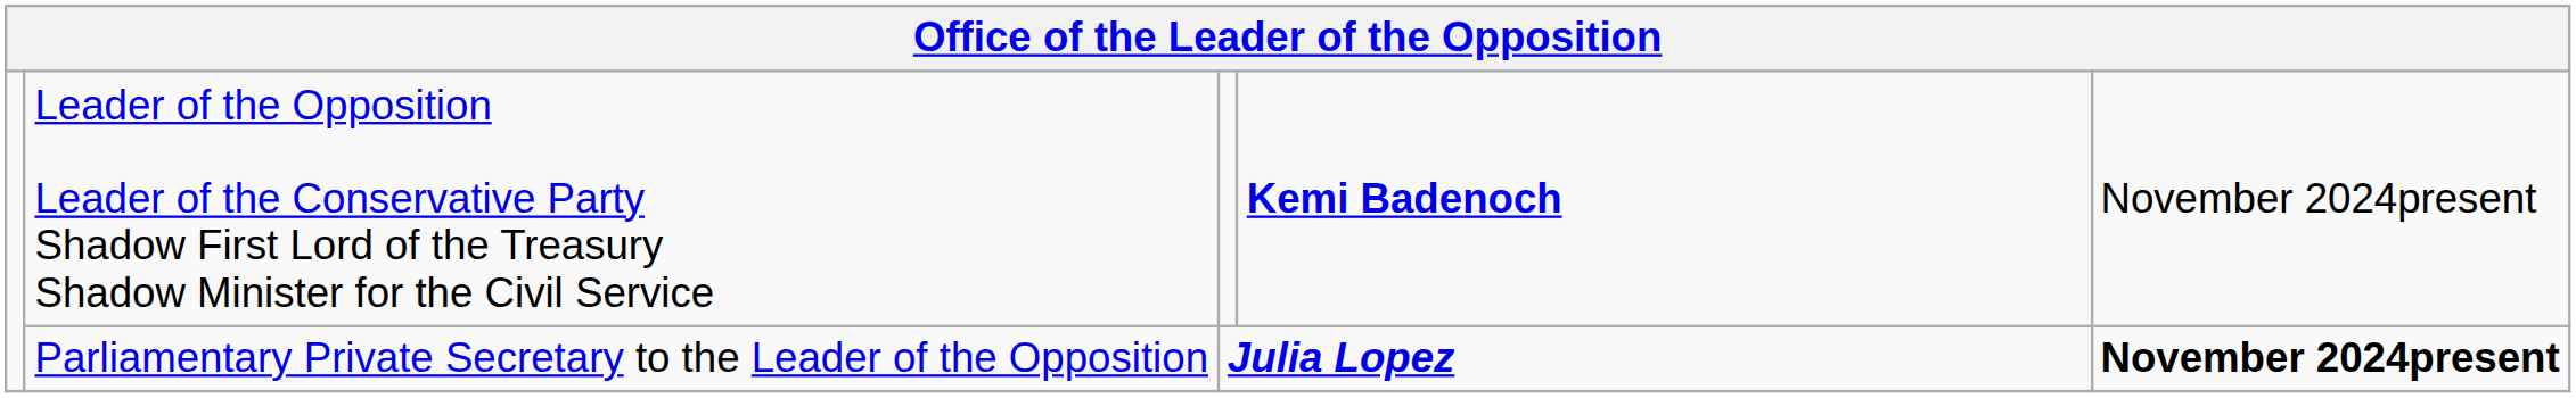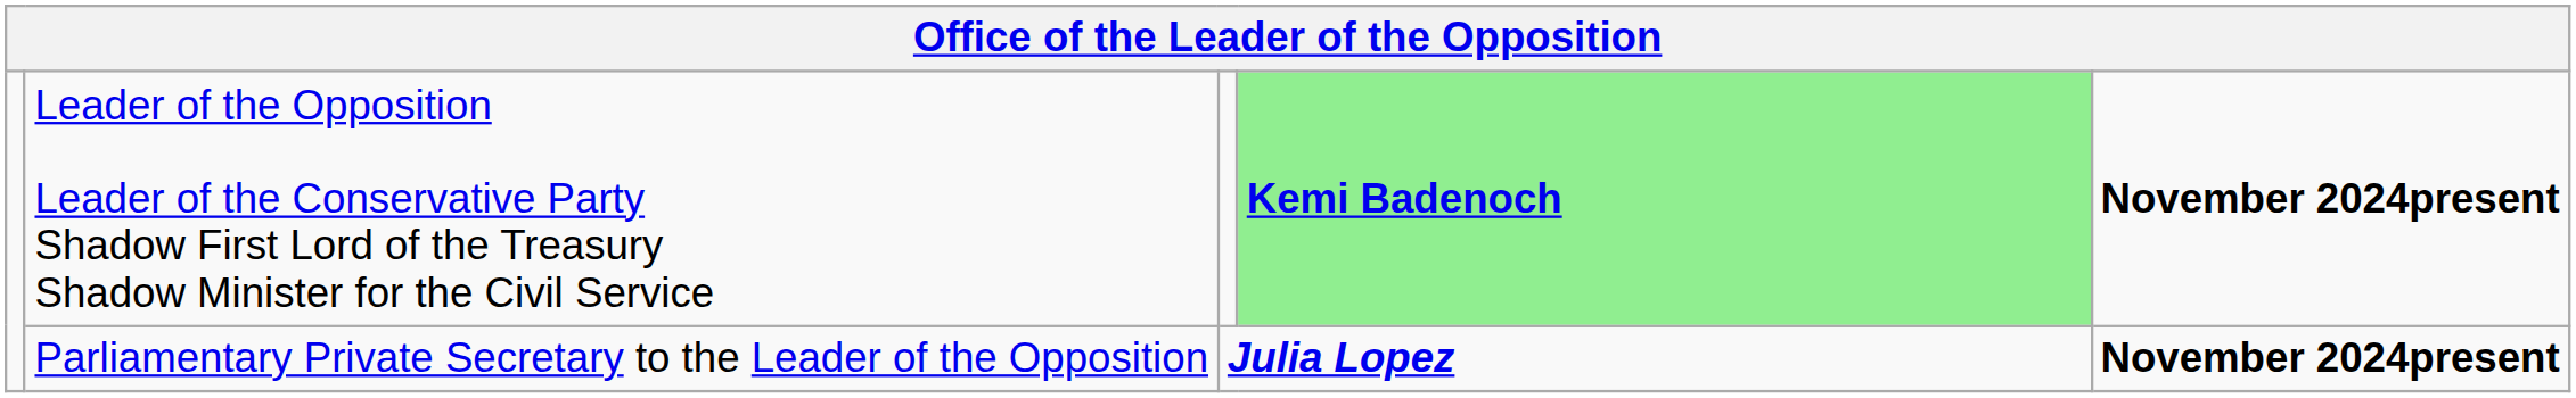 <table class="wikitable">
 <tr>
 <th colspan="5"><a href='#'>Office of the Leader of the Opposition</a></th>
 </tr>
 <tr>
 <td rowspan="8" style="background: "></td>
 <td style="width: 450px;"><a href='#'>Leader of the Opposition</a><br><br><a href='#'>Leader of the Conservative Party</a><br>Shadow First Lord of the Treasury<br>Shadow Minister for the Civil Service</td>
 <td style="background: "></td>
-<td style="width: 320px;"><strong><a href='#'>Kemi Badenoch</a></strong></td>
-<td>November 2024present</td>
+<td style="background: lightgreen; width: 320px;"><strong><a href='#'>Kemi Badenoch</a></strong></td>
+<td><strong>November 2024present</strong></td>
 </tr>
 <tr>
 <td><a href='#'>Parliamentary Private Secretary</a> to the <a href='#'>Leader of the Opposition</a></td>
 <td colspan="2"><a href='#'><strong><em>Julia Lopez</em></strong></a></td>
 <td><strong>November 2024present</strong></td>
 </tr>
 </table>
